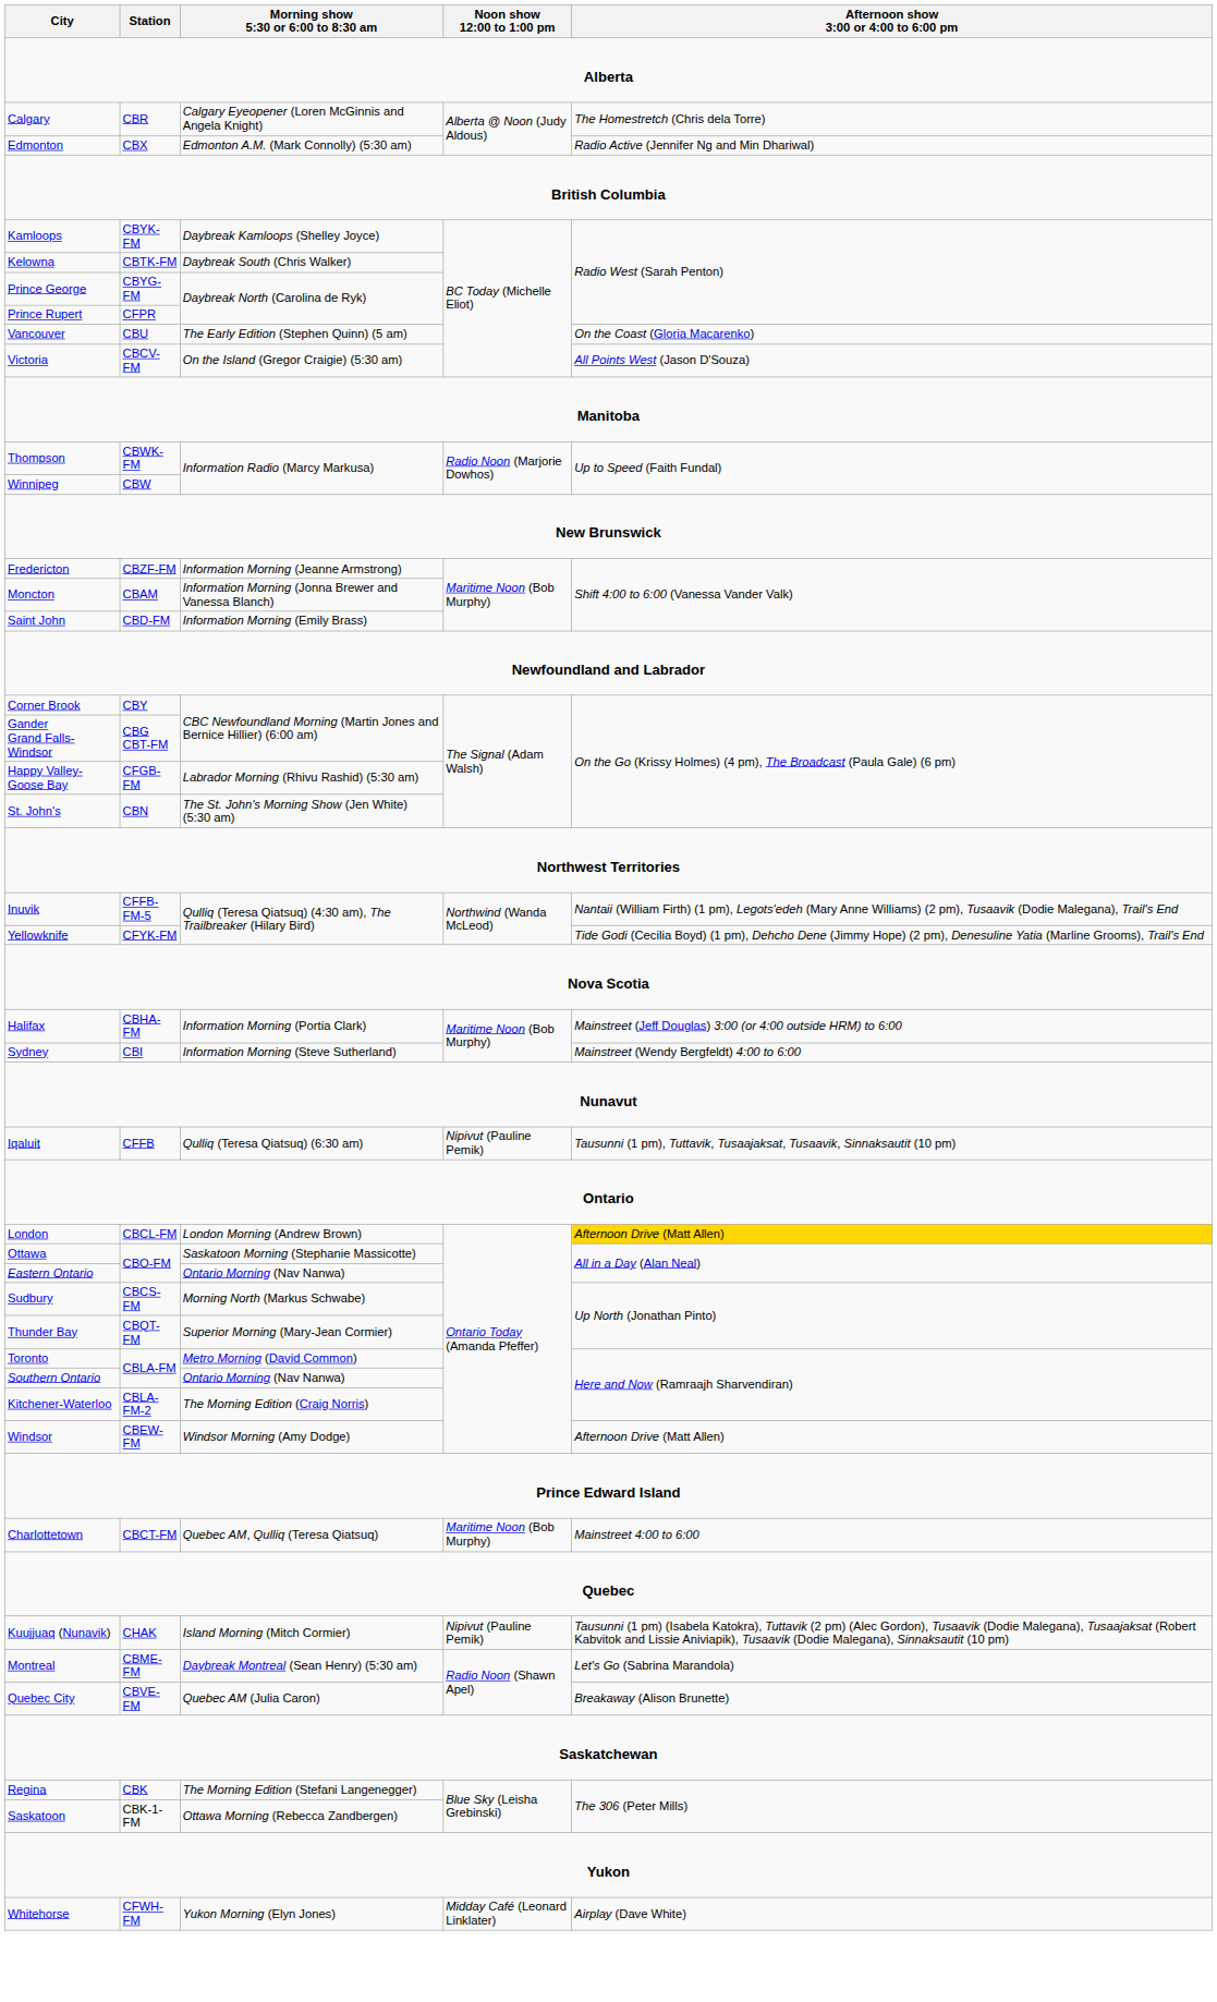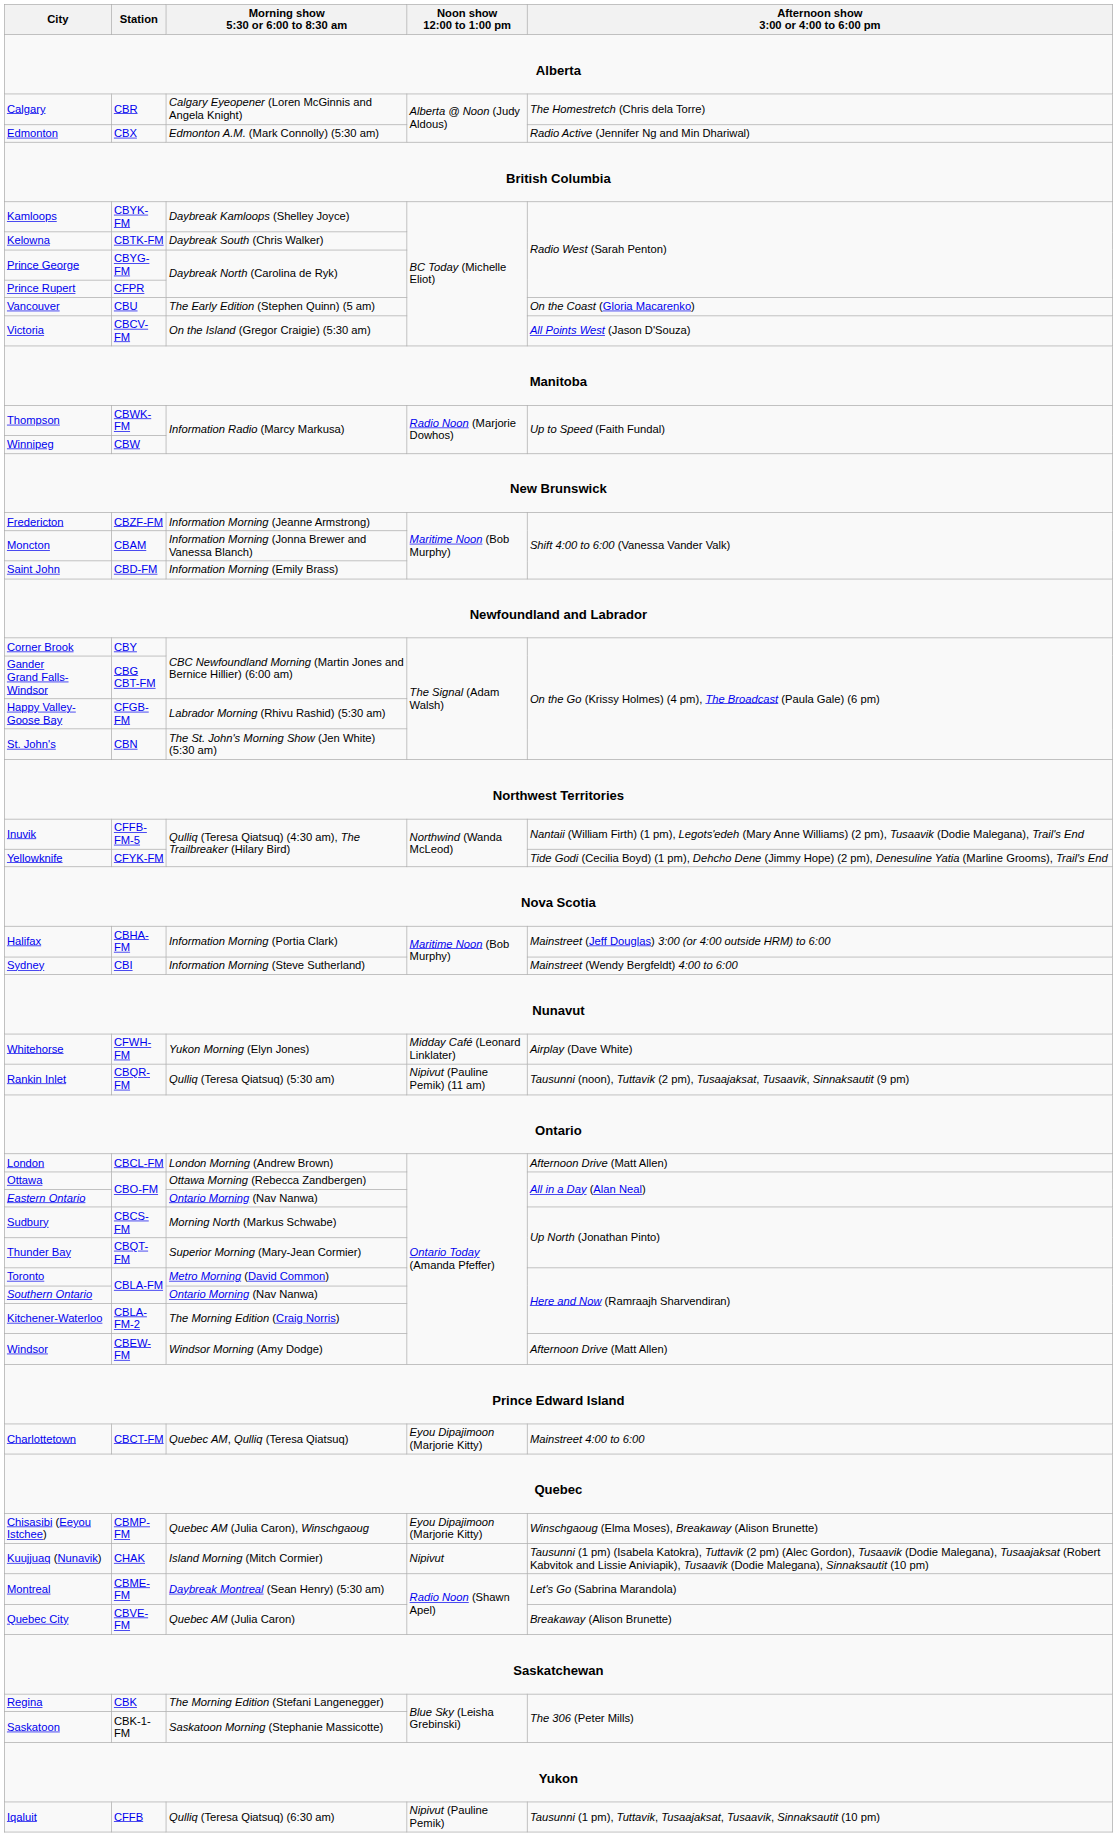 <table class="wikitable" width="100%">
 <tr>
 <th>City</th>
 <th>Station</th>
 <th>Morning show<br>5:30 or 6:00 to 8:30 am</th>
 <th>Noon show<br>12:00 to 1:00 pm</th>
 <th>Afternoon show<br>3:00 or 4:00 to 6:00 pm</th>
 </tr>
 <tr>
 <td colspan="5" align="center"><br><h3>Alberta</h3></td>
 </tr>
 <tr>
 <td><a href='#'>Calgary</a></td>
 <td><a href='#'>CBR</a></td>
 <td><em>Calgary Eyeopener</em> (Loren McGinnis and Angela Knight)</td>
 <td rowspan="2"><em>Alberta @ Noon</em> (Judy Aldous)</td>
 <td><em>The Homestretch</em> (Chris dela Torre)</td>
 </tr>
 <tr>
 <td><a href='#'>Edmonton</a></td>
 <td><a href='#'>CBX</a></td>
 <td><em>Edmonton A.M.</em> (Mark Connolly) (5:30 am)</td>
 <td><em>Radio Active</em> (Jennifer Ng and Min Dhariwal)</td>
 </tr>
 <tr>
 <td colspan="5" align="center"><br><h3>British Columbia</h3></td>
 </tr>
 <tr>
 <td><a href='#'>Kamloops</a></td>
 <td><a href='#'>CBYK-FM</a></td>
 <td><em>Daybreak Kamloops</em> (Shelley Joyce)</td>
 <td rowspan="6"><em>BC Today</em> (Michelle Eliot)</td>
 <td rowspan="4"><em>Radio West</em> (Sarah Penton)</td>
 </tr>
 <tr>
 <td><a href='#'>Kelowna</a></td>
 <td><a href='#'>CBTK-FM</a></td>
 <td><em>Daybreak South</em> (Chris Walker)</td>
 </tr>
 <tr>
 <td><a href='#'>Prince George</a></td>
 <td><a href='#'>CBYG-FM</a></td>
 <td rowspan="2"><em>Daybreak North</em> (Carolina de Ryk)</td>
 </tr>
 <tr>
 <td><a href='#'>Prince Rupert</a></td>
 <td><a href='#'>CFPR</a></td>
 </tr>
 <tr>
 <td><a href='#'>Vancouver</a></td>
 <td><a href='#'>CBU</a></td>
 <td><em>The Early Edition</em> (Stephen Quinn) (5 am)</td>
 <td><em>On the Coast</em> (<a href='#'>Gloria Macarenko</a>)</td>
 </tr>
 <tr>
 <td><a href='#'>Victoria</a></td>
 <td><a href='#'>CBCV-FM</a></td>
 <td><em>On the Island</em> (Gregor Craigie) (5:30 am)</td>
 <td><em><a href='#'>All Points West</a></em> (Jason D'Souza)</td>
 </tr>
 <tr>
 <td colspan="5" align="center"><br><h3>Manitoba</h3></td>
 </tr>
 <tr>
 <td><a href='#'>Thompson</a></td>
 <td><a href='#'>CBWK-FM</a></td>
 <td rowspan="2"><em>Information Radio</em> (Marcy Markusa)</td>
 <td rowspan="2"><em><a href='#'>Radio Noon</a></em> (Marjorie Dowhos)</td>
 <td rowspan="2"><em>Up to Speed</em> (Faith Fundal)</td>
 </tr>
 <tr>
 <td><a href='#'>Winnipeg</a></td>
 <td><a href='#'>CBW</a></td>
 </tr>
 <tr>
 <td colspan="5" align="center"><br><h3>New Brunswick</h3></td>
 </tr>
 <tr>
 <td><a href='#'>Fredericton</a></td>
 <td><a href='#'>CBZF-FM</a></td>
 <td><em>Information Morning</em> (Jeanne Armstrong)</td>
 <td rowspan="3"><em><a href='#'>Maritime Noon</a></em> (Bob Murphy)</td>
 <td rowspan="3"><em>Shift</em>  <em>4:00 to 6:00</em> (Vanessa Vander Valk)</td>
 </tr>
 <tr>
 <td><a href='#'>Moncton</a></td>
 <td><a href='#'>CBAM</a></td>
 <td><em>Information Morning</em> (Jonna Brewer and Vanessa Blanch)</td>
 </tr>
 <tr>
 <td><a href='#'>Saint John</a></td>
 <td><a href='#'>CBD-FM</a></td>
 <td><em>Information Morning</em> (Emily Brass)</td>
 </tr>
 <tr>
 <td colspan="5" align="center"><br><h3>Newfoundland and Labrador</h3></td>
 </tr>
 <tr>
 <td><a href='#'>Corner Brook</a></td>
 <td><a href='#'>CBY</a></td>
 <td rowspan="2"><em>CBC Newfoundland Morning</em> (Martin Jones and Bernice Hillier) (6:00 am)</td>
 <td rowspan="4"><em>The Signal</em> (Adam Walsh)</td>
 <td rowspan="4"><em>On the Go</em> (Krissy Holmes) (4 pm), <em><a href='#'>The Broadcast</a></em> (Paula Gale) (6 pm)</td>
 </tr>
 <tr>
 <td><a href='#'>Gander</a><br><a href='#'>Grand Falls-Windsor</a></td>
 <td><a href='#'>CBG</a><br><a href='#'>CBT-FM</a></td>
 </tr>
 <tr>
 <td><a href='#'>Happy Valley-Goose Bay</a></td>
 <td><a href='#'>CFGB-FM</a></td>
 <td><em>Labrador Morning</em> (Rhivu Rashid) (5:30 am)</td>
 </tr>
 <tr>
 <td><a href='#'>St. John's</a></td>
 <td><a href='#'>CBN</a></td>
 <td><em>The St. John's Morning Show</em> (Jen White) (5:30 am)</td>
 </tr>
 <tr>
 <td colspan="5" align="center"><br><h3>Northwest Territories</h3></td>
 </tr>
 <tr>
 <td><a href='#'>Inuvik</a></td>
 <td><a href='#'>CFFB-FM-5</a></td>
 <td rowspan="2"><em>Qulliq</em> (Teresa Qiatsuq) (4:30 am), <em>The Trailbreaker</em> (Hilary Bird)</td>
 <td rowspan="2"><em>Northwind</em> (Wanda McLeod)</td>
 <td><em>Nantaii</em> (William Firth) (1 pm), <em>Legots'edeh</em> (Mary Anne Williams) (2 pm), <em>Tusaavik</em> (Dodie Malegana), <em>Trail's End</em></td>
 </tr>
 <tr>
 <td><a href='#'>Yellowknife</a></td>
 <td><a href='#'>CFYK-FM</a></td>
 <td><em>Tide Godi</em> (Cecilia Boyd) (1 pm), <em>Dehcho Dene</em> (Jimmy Hope) (2 pm), <em>Denesuline Yatia</em> (Marline Grooms), <em>Trail's End</em></td>
 </tr>
 <tr>
 <td colspan="5" align="center"><br><h3>Nova Scotia</h3></td>
 </tr>
 <tr>
 <td><a href='#'>Halifax</a></td>
 <td><a href='#'>CBHA-FM</a></td>
 <td><em>Information Morning</em> (Portia Clark)</td>
 <td rowspan="2"><em><a href='#'>Maritime Noon</a></em> (Bob Murphy)</td>
 <td><em>Mainstreet</em> (<a href='#'>Jeff Douglas</a>) <em>3:00 (or 4:00 outside HRM) to 6:00</em></td>
 </tr>
 <tr>
 <td><a href='#'>Sydney</a></td>
 <td><a href='#'>CBI</a></td>
 <td><em>Information Morning</em> (Steve Sutherland)</td>
 <td><em>Mainstreet</em> (Wendy Bergfeldt) <em>4:00 to 6:00</em></td>
 </tr>
 <tr>
 <td colspan="5" align="center"><br><h3>Nunavut</h3></td>
 </tr>
 <tr>
-<td><a href='#'>Iqaluit</a></td>
-<td><a href='#'>CFFB</a></td>
-<td><em>Qulliq</em> (Teresa Qiatsuq) (6:30 am)</td>
-<td><em>Nipivut</em> (Pauline Pemik)</td>
-<td><em>Tausunni</em> (1 pm), <em>Tuttavik</em>, <em>Tusaajaksat</em>, <em>Tusaavik</em>, <em>Sinnaksautit</em> (10 pm)</td>
+<td><a href='#'>Whitehorse</a></td>
+<td><a href='#'>CFWH-FM</a></td>
+<td><em>Yukon Morning</em> (Elyn Jones)</td>
+<td><em>Midday Café</em> (Leonard Linklater)</td>
+<td><em>Airplay</em> (Dave White)</td>
+</tr>
+<tr>
+<td><a href='#'>Rankin Inlet</a></td>
+<td><a href='#'>CBQR-FM</a></td>
+<td><em>Qulliq</em> (Teresa Qiatsuq) (5:30 am)</td>
+<td><em>Nipivut</em> (Pauline Pemik) (11 am)</td>
+<td><em>Tausunni</em> (noon), <em>Tuttavik</em> (2 pm), <em>Tusaajaksat</em>, <em>Tusaavik</em>, <em>Sinnaksautit</em> (9 pm)</td>
 </tr>
 <tr>
 <td colspan="5" align="center"><br><h3>Ontario</h3></td>
 </tr>
 <tr>
 <td><a href='#'>London</a></td>
 <td><a href='#'>CBCL-FM</a></td>
 <td><em>London Morning</em> (Andrew Brown)</td>
 <td rowspan="9"><em><a href='#'>Ontario Today</a></em> (Amanda Pfeffer)</td>
-<td style="background: gold;"><em>Afternoon Drive</em> (Matt Allen)</td>
+<td><em>Afternoon Drive</em> (Matt Allen)</td>
 </tr>
 <tr>
 <td><a href='#'>Ottawa</a></td>
 <td rowspan="2"><a href='#'>CBO-FM</a></td>
-<td><em>Saskatoon Morning</em> (Stephanie Massicotte)</td>
+<td><em>Ottawa Morning</em> (Rebecca Zandbergen)</td>
 <td rowspan="2"><em><a href='#'>All in a Day</a></em> (<a href='#'>Alan Neal</a>)</td>
 </tr>
 <tr>
 <td><em><a href='#'>Eastern Ontario</a></em></td>
 <td><em><a href='#'>Ontario Morning</a></em> (Nav Nanwa)</td>
 </tr>
 <tr>
 <td><a href='#'>Sudbury</a></td>
 <td><a href='#'>CBCS-FM</a></td>
 <td><em>Morning North</em> (Markus Schwabe)</td>
 <td rowspan="2"><em>Up North</em> (Jonathan Pinto)</td>
 </tr>
 <tr>
 <td><a href='#'>Thunder Bay</a></td>
 <td><a href='#'>CBQT-FM</a></td>
 <td><em>Superior Morning</em> (Mary-Jean Cormier)</td>
 </tr>
 <tr>
 <td><a href='#'>Toronto</a></td>
 <td rowspan="2"><a href='#'>CBLA-FM</a></td>
 <td><em><a href='#'>Metro Morning</a></em> (<a href='#'>David Common</a>)</td>
 <td rowspan="3"><em><a href='#'>Here and Now</a></em> (Ramraajh Sharvendiran)</td>
 </tr>
 <tr>
 <td><em><a href='#'>Southern Ontario</a></em></td>
 <td><em><a href='#'>Ontario Morning</a></em> (Nav Nanwa)</td>
 </tr>
 <tr>
 <td><a href='#'>Kitchener-Waterloo</a></td>
 <td><a href='#'>CBLA-FM-2</a></td>
 <td><em>The Morning Edition</em> (<a href='#'>Craig Norris</a>)</td>
 </tr>
 <tr>
 <td><a href='#'>Windsor</a></td>
 <td><a href='#'>CBEW-FM</a></td>
 <td><em>Windsor Morning</em> (Amy Dodge)</td>
 <td><em>Afternoon Drive</em> (Matt Allen)</td>
 </tr>
 <tr>
 <td colspan="5" align="center"><br><h3>Prince Edward Island</h3></td>
 </tr>
 <tr>
 <td><a href='#'>Charlottetown</a></td>
 <td><a href='#'>CBCT-FM</a></td>
 <td><em>Quebec AM</em>, <em>Qulliq</em> (Teresa Qiatsuq)</td>
-<td><em><a href='#'>Maritime Noon</a></em> (Bob Murphy)</td>
+<td><em>Eyou Dipajimoon</em> (Marjorie Kitty)</td>
 <td><em>Mainstreet</em> <em>4:00 to 6:00</em></td>
 </tr>
 <tr>
 <td colspan="5" align="center"><br><h3>Quebec</h3></td>
 </tr>
 <tr>
+<td><a href='#'>Chisasibi</a> (<a href='#'>Eeyou Istchee</a>)</td>
+<td><a href='#'>CBMP-FM</a></td>
+<td><em>Quebec AM</em> (Julia Caron), <em>Winschgaoug</em></td>
+<td><em>Eyou Dipajimoon</em> (Marjorie Kitty)</td>
+<td><em>Winschgaoug</em> (Elma Moses), <em>Breakaway</em> (Alison Brunette)</td>
+</tr>
+<tr>
 <td><a href='#'>Kuujjuaq</a> (<a href='#'>Nunavik</a>)</td>
 <td><a href='#'>CHAK</a></td>
 <td><em>Island Morning</em> (Mitch Cormier)</td>
-<td><em>Nipivut</em> (Pauline Pemik)</td>
+<td><em>Nipivut</em></td>
 <td><em>Tausunni</em> (1 pm) (Isabela Katokra), <em>Tuttavik</em> (2 pm) (Alec Gordon), <em>Tusaavik</em> (Dodie Malegana), <em>Tusaajaksat</em> (Robert Kabvitok and Lissie Aniviapik), <em>Tusaavik</em> (Dodie Malegana), <em>Sinnaksautit</em> (10 pm)</td>
 </tr>
 <tr>
 <td><a href='#'>Montreal</a></td>
 <td><a href='#'>CBME-FM</a></td>
 <td><em><a href='#'>Daybreak Montreal</a></em> (Sean Henry) (5:30 am)</td>
 <td rowspan="2"><em><a href='#'>Radio Noon</a></em> (Shawn Apel)</td>
 <td><em>Let's Go</em> (Sabrina Marandola)</td>
 </tr>
 <tr>
 <td><a href='#'>Quebec City</a></td>
 <td><a href='#'>CBVE-FM</a></td>
 <td><em>Quebec AM</em> (Julia Caron)</td>
 <td><em>Breakaway</em> (Alison Brunette)</td>
 </tr>
 <tr>
 <td colspan="5" align="center"><br><h3>Saskatchewan</h3></td>
 </tr>
 <tr>
 <td><a href='#'>Regina</a></td>
 <td><a href='#'>CBK</a></td>
 <td><em>The Morning Edition</em> (Stefani Langenegger)</td>
 <td rowspan="2"><em>Blue Sky</em> (Leisha Grebinski)</td>
 <td rowspan="2"><em>The 306</em> (Peter Mills)</td>
 </tr>
 <tr>
 <td><a href='#'>Saskatoon</a></td>
 <td>CBK-1-FM</td>
-<td><em>Ottawa Morning</em> (Rebecca Zandbergen)</td>
+<td><em>Saskatoon Morning</em> (Stephanie Massicotte)</td>
 </tr>
 <tr>
 <td colspan="5" align="center"><br><h3>Yukon</h3></td>
 </tr>
 <tr>
-<td><a href='#'>Whitehorse</a></td>
-<td><a href='#'>CFWH-FM</a></td>
-<td><em>Yukon Morning</em> (Elyn Jones)</td>
-<td><em>Midday Café</em> (Leonard Linklater)</td>
-<td><em>Airplay</em> (Dave White)</td>
+<td><a href='#'>Iqaluit</a></td>
+<td><a href='#'>CFFB</a></td>
+<td><em>Qulliq</em> (Teresa Qiatsuq) (6:30 am)</td>
+<td><em>Nipivut</em> (Pauline Pemik)</td>
+<td><em>Tausunni</em> (1 pm), <em>Tuttavik</em>, <em>Tusaajaksat</em>, <em>Tusaavik</em>, <em>Sinnaksautit</em> (10 pm)</td>
 </tr>
 </table>
